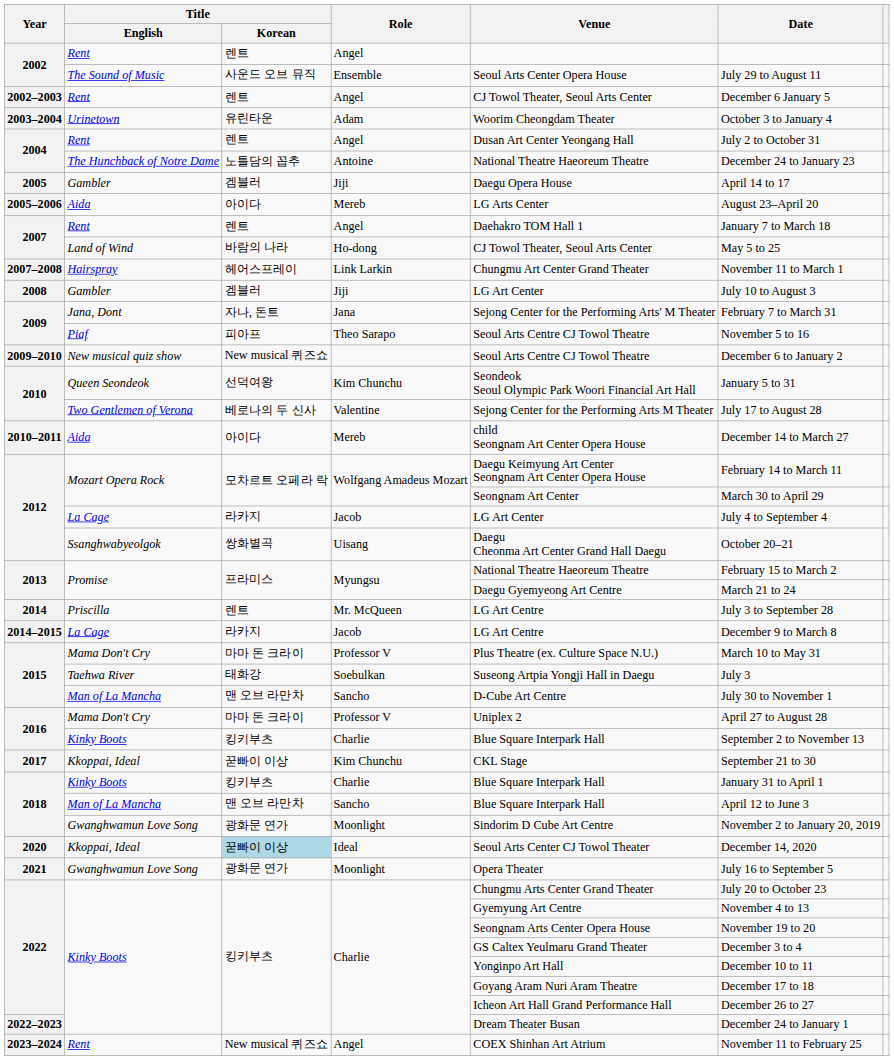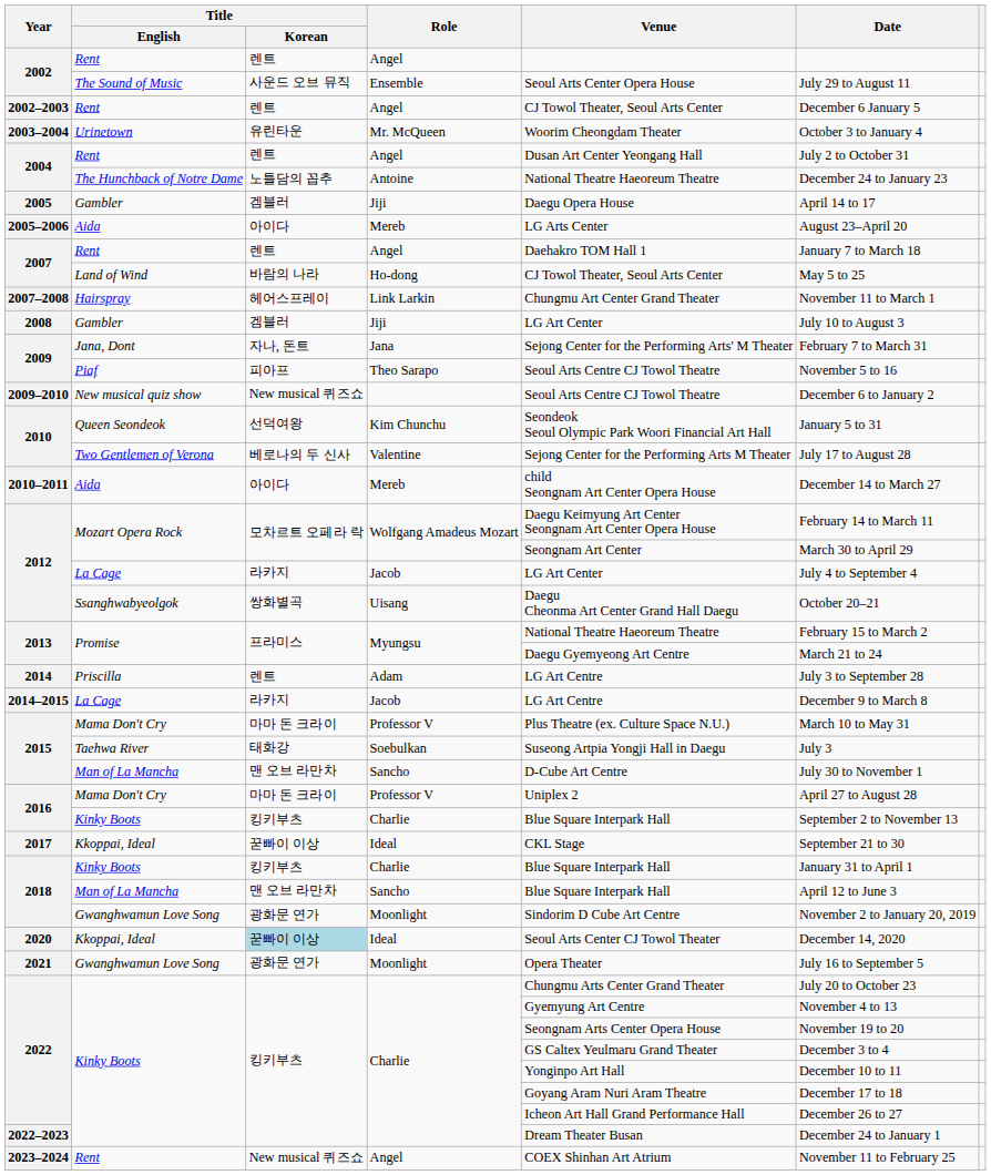 <table class="wikitable sortable plainrowheaders" style="text-align:left; font-size:100%;">
 <tr>
 <th scope="col" rowspan="2">Year</th>
 <th scope="col" colspan="2">Title</th>
 <th scope="col" rowspan="2">Role</th>
 <th scope="col" rowspan="2" class="unsortable">Venue</th>
 <th scope="col" rowspan="2">Date</th>
 <th rowspan="2" scope="col" class="unsortable"></th>
 </tr>
 <tr>
 <th>English</th>
 <th>Korean</th>
 </tr>
 <tr>
 <th rowspan="2" scope="row">2002</th>
 <td><em><a href='#'>Rent</a></em></td>
 <td>렌트</td>
 <td>Angel</td>
 <td></td>
 <td></td>
 <td></td>
 </tr>
 <tr>
 <td><em><a href='#'>The Sound of Music</a></em></td>
 <td>사운드 오브 뮤직</td>
 <td>Ensemble</td>
 <td>Seoul Arts Center Opera House</td>
 <td>July 29 to August 11</td>
 <td></td>
 </tr>
 <tr>
 <th scope="row">2002–2003</th>
 <td><em><a href='#'>Rent</a></em></td>
 <td>렌트</td>
 <td>Angel</td>
 <td>CJ Towol Theater, Seoul Arts Center</td>
 <td>December 6 January 5</td>
 <td></td>
 </tr>
 <tr>
 <th scope="row">2003–2004</th>
 <td><em><a href='#'>Urinetown</a></em></td>
 <td>유린타운</td>
-<td>Adam</td>
+<td>Mr. McQueen</td>
 <td>Woorim Cheongdam Theater</td>
 <td>October 3 to January 4</td>
 <td></td>
 </tr>
 <tr>
 <th rowspan="2" scope="row">2004</th>
 <td><em><a href='#'>Rent</a></em></td>
 <td>렌트</td>
 <td>Angel</td>
 <td>Dusan Art Center Yeongang Hall</td>
 <td>July 2 to October 31</td>
 <td></td>
 </tr>
 <tr>
 <td><em><a href='#'>The Hunchback of Notre Dame</a></em></td>
 <td>노틀담의 꼽추</td>
 <td>Antoine</td>
 <td>National Theatre Haeoreum Theatre</td>
 <td>December 24 to January 23</td>
 <td></td>
 </tr>
 <tr>
 <th scope="row">2005</th>
 <td><em>Gambler</em></td>
 <td>겜블러</td>
 <td>Jiji</td>
 <td>Daegu Opera House</td>
 <td>April 14 to 17</td>
 <td></td>
 </tr>
 <tr>
 <th scope="row">2005–2006</th>
 <td><em> <a href='#'>Aida</a></em></td>
 <td>아이다</td>
 <td>Mereb</td>
 <td>LG Arts Center</td>
 <td>August 23–April 20</td>
 <td style="font-size: 85%;"></td>
 </tr>
 <tr>
 <th rowspan="2" scope="row">2007</th>
 <td><em><a href='#'>Rent</a></em></td>
 <td>렌트</td>
 <td>Angel</td>
 <td>Daehakro TOM Hall 1</td>
 <td>January 7 to March 18</td>
 <td></td>
 </tr>
 <tr>
 <td><em>Land of Wind</em></td>
 <td>바람의 나라</td>
 <td>Ho-dong</td>
 <td>CJ Towol Theater, Seoul Arts Center</td>
 <td>May 5 to 25</td>
 <td></td>
 </tr>
 <tr>
 <th scope="row">2007–2008</th>
 <td><em><a href='#'>Hairspray</a></em></td>
 <td>헤어스프레이</td>
 <td>Link Larkin</td>
 <td>Chungmu Art Center Grand Theater</td>
 <td>November 11 to March 1</td>
 <td></td>
 </tr>
 <tr>
 <th scope="row">2008</th>
 <td><em>Gambler</em></td>
 <td>겜블러</td>
 <td>Jiji</td>
 <td>LG Art Center</td>
 <td>July 10 to August 3</td>
 <td></td>
 </tr>
 <tr>
 <th rowspan="2" scope="row">2009</th>
 <td><em>Jana, Dont</em></td>
 <td>자나, 돈트</td>
 <td>Jana</td>
 <td>Sejong Center for the Performing Arts' M Theater</td>
 <td>February 7 to March 31</td>
 <td></td>
 </tr>
 <tr>
 <td><em><a href='#'>Piaf</a></em></td>
 <td>피아프</td>
 <td>Theo Sarapo</td>
 <td>Seoul Arts Centre CJ Towol Theatre</td>
 <td>November 5 to 16</td>
 <td></td>
 </tr>
 <tr>
 <th scope="row">2009–2010</th>
 <td><em>New musical quiz show</em></td>
 <td>New musical 퀴즈쇼</td>
 <td></td>
 <td>Seoul Arts Centre CJ Towol Theatre</td>
 <td>December 6 to January 2</td>
 <td></td>
 </tr>
 <tr>
 <th rowspan="2" scope="row">2010</th>
 <td><em>Queen Seondeok</em></td>
 <td>선덕여왕</td>
 <td>Kim Chunchu</td>
 <td>Seondeok<br>Seoul Olympic Park Woori Financial Art Hall</td>
 <td>January 5 to 31</td>
 <td></td>
 </tr>
 <tr>
 <td><em><a href='#'>Two Gentlemen of Verona</a></em></td>
 <td>베로나의 두 신사</td>
 <td>Valentine</td>
 <td>Sejong Center for the Performing Arts M Theater</td>
 <td>July 17 to August 28</td>
 <td></td>
 </tr>
 <tr>
 <th scope="row">2010–2011</th>
 <td><em><a href='#'>Aida</a></em></td>
 <td>아이다</td>
 <td>Mereb</td>
 <td>child<br>Seongnam Art Center Opera House</td>
 <td>December 14 to March 27</td>
 <td></td>
 </tr>
 <tr>
 <th rowspan="4" scope="row">2012</th>
 <td rowspan="2"><em>Mozart Opera Rock</em></td>
 <td rowspan="2">모차르트 오페라 락</td>
 <td rowspan="2">Wolfgang Amadeus Mozart</td>
 <td>Daegu Keimyung Art Center<br>Seongnam Art Center Opera House</td>
 <td>February 14 to March 11</td>
 <td></td>
 </tr>
 <tr>
 <td>Seongnam Art Center</td>
 <td>March 30 to April 29</td>
 <td></td>
 </tr>
 <tr>
 <td><em><a href='#'>La Cage</a></em></td>
 <td>라카지</td>
 <td>Jacob</td>
 <td>LG Art Center</td>
 <td>July 4 to September 4</td>
 <td></td>
 </tr>
 <tr>
 <td><em>Ssanghwabyeolgok</em></td>
 <td>쌍화별곡</td>
 <td>Uisang</td>
 <td>Daegu<br>Cheonma Art Center Grand Hall Daegu</td>
 <td>October 20–21</td>
 <td></td>
 </tr>
 <tr>
 <th rowspan="2" scope="row">2013</th>
 <td rowspan="2"><em>Promise</em></td>
 <td rowspan="2">프라미스</td>
 <td rowspan="2">Myungsu</td>
 <td>National Theatre Haeoreum Theatre</td>
 <td>February 15 to March 2</td>
 <td></td>
 </tr>
 <tr>
 <td>Daegu Gyemyeong Art Centre</td>
 <td>March 21 to 24</td>
 <td></td>
 </tr>
 <tr>
 <th scope="row">2014</th>
 <td><em>Priscilla</em></td>
 <td>렌트</td>
-<td>Mr. McQueen</td>
+<td>Adam</td>
 <td>LG Art Centre</td>
 <td>July 3 to September 28</td>
 <td></td>
 </tr>
 <tr>
 <th scope="row">2014–2015</th>
 <td><em><a href='#'>La Cage</a></em></td>
 <td>라카지</td>
 <td>Jacob</td>
 <td>LG Art Centre</td>
 <td>December 9 to March 8</td>
 <td></td>
 </tr>
 <tr>
 <th scope="row" rowspan="3">2015</th>
 <td><em>Mama Don't Cry</em></td>
 <td>마마 돈 크라이</td>
 <td>Professor V</td>
 <td>Plus Theatre (ex. Culture Space N.U.)</td>
 <td>March 10 to May 31</td>
 <td></td>
 </tr>
 <tr>
 <td><em>Taehwa River</em></td>
 <td>태화강</td>
 <td>Soebulkan</td>
 <td>Suseong Artpia Yongji Hall in Daegu</td>
 <td>July 3</td>
 <td></td>
 </tr>
 <tr>
 <td><em><a href='#'>Man of La Mancha</a></em></td>
 <td>맨 오브 라만차</td>
 <td>Sancho</td>
 <td>D-Cube Art Centre</td>
 <td>July 30 to November 1</td>
 <td></td>
 </tr>
 <tr>
 <th scope="row" rowspan="2">2016</th>
 <td><em>Mama Don't Cry</em></td>
 <td>마마 돈 크라이</td>
 <td>Professor V</td>
 <td>Uniplex 2</td>
 <td>April 27 to August 28</td>
 <td></td>
 </tr>
 <tr>
 <td><em><a href='#'>Kinky Boots</a></em></td>
 <td>킹키부츠</td>
 <td>Charlie</td>
 <td>Blue Square Interpark Hall</td>
 <td>September 2 to November 13</td>
 <td></td>
 </tr>
 <tr>
 <th scope="row">2017</th>
 <td><em>Kkoppai, Ideal</em></td>
 <td>꾿빠이 이상</td>
-<td>Kim Chunchu</td>
+<td>Ideal</td>
 <td>CKL Stage</td>
 <td>September 21 to 30</td>
 <td></td>
 </tr>
 <tr>
 <th scope="row" rowspan="3">2018</th>
 <td><em><a href='#'>Kinky Boots</a></em></td>
 <td>킹키부츠</td>
 <td>Charlie</td>
 <td>Blue Square Interpark Hall</td>
 <td>January 31 to April 1</td>
 <td></td>
 </tr>
 <tr>
 <td><em><a href='#'>Man of La Mancha</a></em></td>
 <td>맨 오브 라만차</td>
 <td>Sancho</td>
 <td>Blue Square Interpark Hall</td>
 <td>April 12 to June 3</td>
 <td></td>
 </tr>
 <tr>
 <td><em>Gwanghwamun Love Song</em></td>
 <td>광화문 연가</td>
 <td>Moonlight</td>
 <td>Sindorim D Cube Art Centre</td>
 <td>November 2 to January 20, 2019</td>
 <td></td>
 </tr>
 <tr>
 <th scope="row">2020</th>
 <td><em>Kkoppai, Ideal</em></td>
 <td style="background: lightblue;">꾿빠이 이상</td>
 <td>Ideal</td>
 <td>Seoul Arts Center CJ Towol Theater</td>
 <td>December 14, 2020</td>
 <td></td>
 </tr>
 <tr>
 <th scope="row">2021</th>
 <td><em>Gwanghwamun Love Song</em></td>
 <td>광화문 연가</td>
 <td>Moonlight</td>
 <td>Opera Theater</td>
 <td>July 16 to September 5</td>
 <td></td>
 </tr>
 <tr>
 <th rowspan="7" scope="row">2022</th>
 <td rowspan="8"><em><a href='#'>Kinky Boots</a></em></td>
 <td rowspan="8">킹키부츠</td>
 <td rowspan="8">Charlie</td>
 <td>Chungmu Arts Center Grand Theater</td>
 <td>July 20 to October 23</td>
 <td></td>
 </tr>
 <tr>
 <td>Gyemyung Art Centre</td>
 <td>November 4 to 13</td>
 <td></td>
 </tr>
 <tr>
 <td>Seongnam Arts Center Opera House</td>
 <td>November 19 to 20</td>
 <td></td>
 </tr>
 <tr>
 <td>GS Caltex Yeulmaru Grand Theater</td>
 <td>December 3 to 4</td>
 <td></td>
 </tr>
 <tr>
 <td>Yonginpo Art Hall</td>
 <td>December 10 to 11</td>
 <td></td>
 </tr>
 <tr>
 <td>Goyang Aram Nuri Aram Theatre</td>
 <td>December 17 to 18</td>
 <td></td>
 </tr>
 <tr>
 <td>Icheon Art Hall Grand Performance Hall</td>
 <td>December 26 to 27</td>
 <td></td>
 </tr>
 <tr>
 <th scope="row">2022–2023</th>
 <td>Dream Theater Busan</td>
 <td>December 24 to January 1</td>
 <td></td>
 </tr>
 <tr>
 <th scope="row">2023–2024</th>
 <td><a href='#'><em>Rent</em></a></td>
 <td>New musical 퀴즈쇼</td>
 <td>Angel</td>
 <td>COEX Shinhan Art Atrium</td>
 <td>November 11 to February 25</td>
 <td></td>
 </tr>
 </table>
